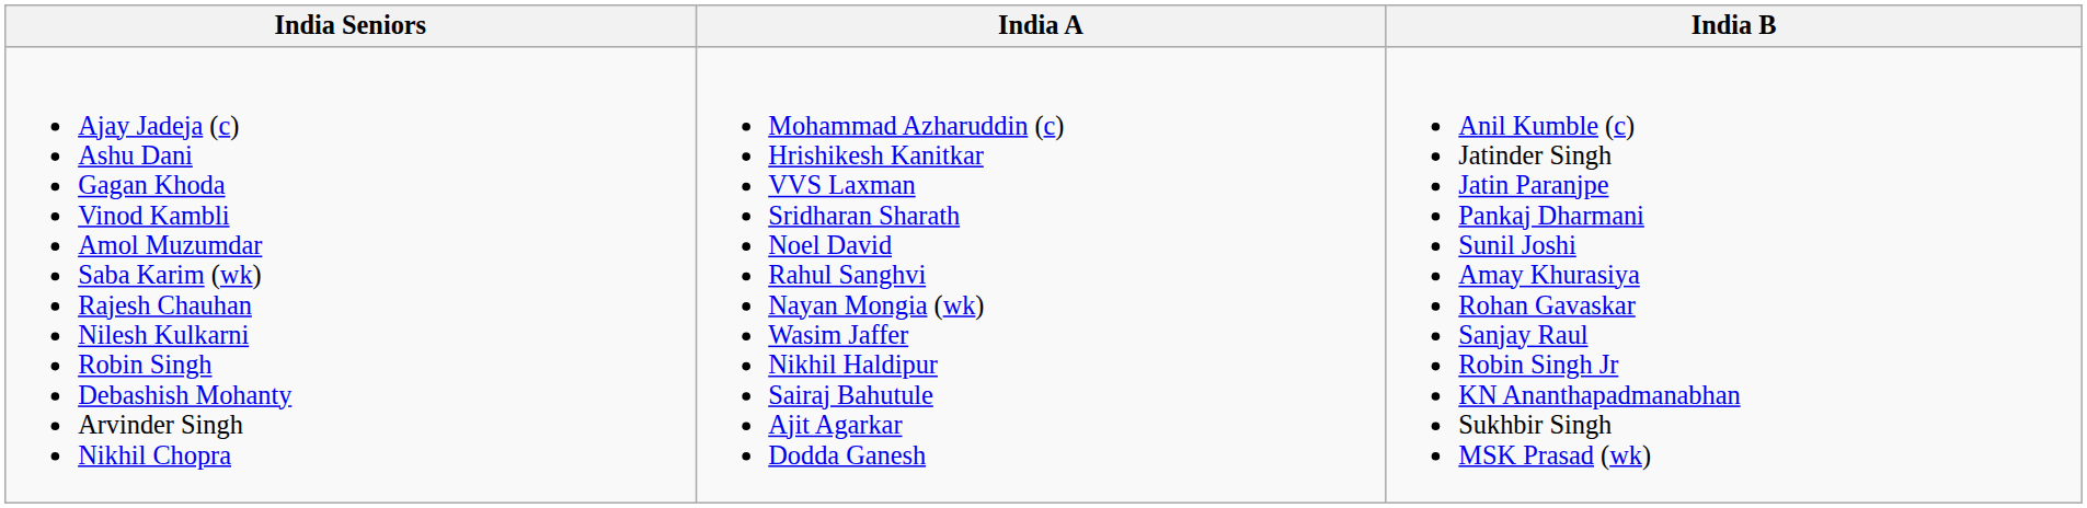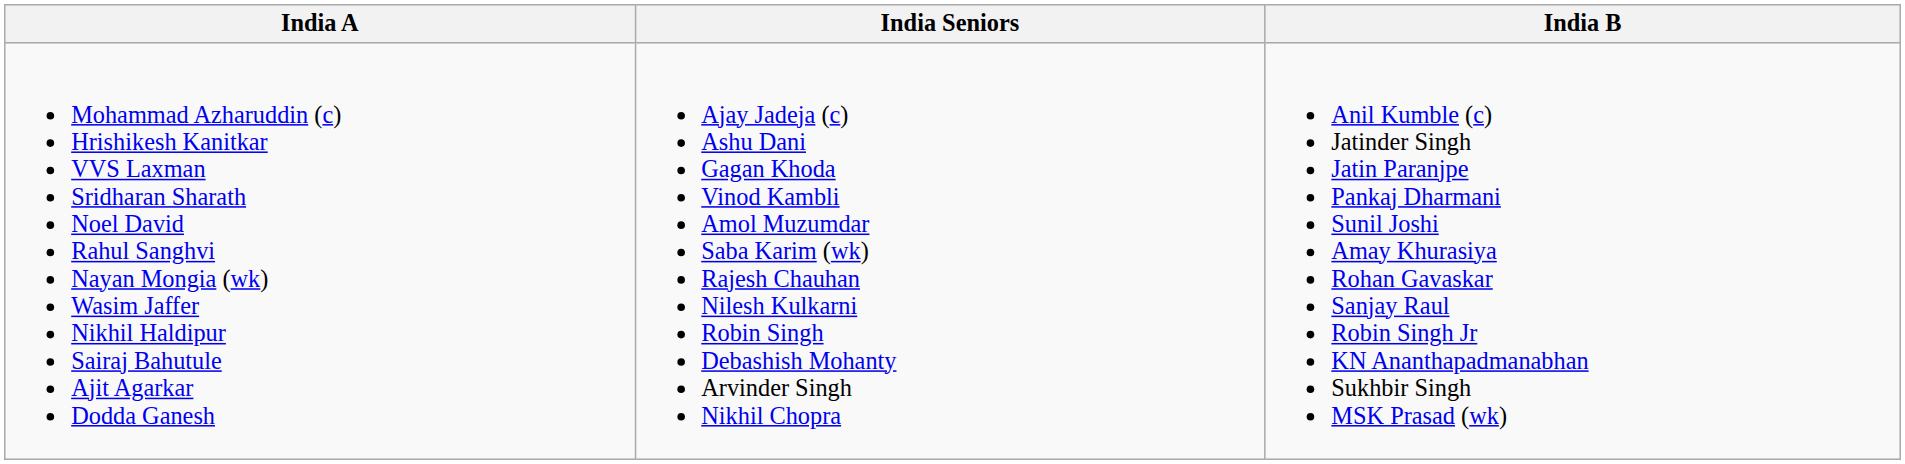 <table class="wikitable">
 <tr>
+<th style="width:15%;"> India A </th>
 <th style="width:15%;"> India Seniors </th>
-<th style="width:15%;"> India A </th>
 <th style="width:15%;"> India B </th>
 </tr>
 <tr style="vertical-align:top">
+<td><br><ul><li><a href='#'>Mohammad Azharuddin</a> (<a href='#'>c</a>)</li><li><a href='#'>Hrishikesh Kanitkar</a></li><li><a href='#'>VVS Laxman</a></li><li><a href='#'>Sridharan Sharath</a></li><li><a href='#'>Noel David</a></li><li><a href='#'>Rahul Sanghvi</a></li><li><a href='#'>Nayan Mongia</a> (<a href='#'>wk</a>)</li><li><a href='#'>Wasim Jaffer</a></li><li><a href='#'>Nikhil Haldipur</a></li><li><a href='#'>Sairaj Bahutule</a></li><li><a href='#'>Ajit Agarkar</a></li><li><a href='#'>Dodda Ganesh</a></li></ul></td>
 <td><br><ul><li><a href='#'>Ajay Jadeja</a> (<a href='#'>c</a>)</li><li><a href='#'>Ashu Dani</a></li><li><a href='#'>Gagan Khoda</a></li><li><a href='#'>Vinod Kambli</a></li><li><a href='#'>Amol Muzumdar</a></li><li><a href='#'>Saba Karim</a> (<a href='#'>wk</a>)</li><li><a href='#'>Rajesh Chauhan</a></li><li><a href='#'>Nilesh Kulkarni</a></li><li><a href='#'>Robin Singh</a></li><li><a href='#'>Debashish Mohanty</a></li><li>Arvinder Singh</li><li><a href='#'>Nikhil Chopra</a></li></ul></td>
-<td><br><ul><li><a href='#'>Mohammad Azharuddin</a> (<a href='#'>c</a>)</li><li><a href='#'>Hrishikesh Kanitkar</a></li><li><a href='#'>VVS Laxman</a></li><li><a href='#'>Sridharan Sharath</a></li><li><a href='#'>Noel David</a></li><li><a href='#'>Rahul Sanghvi</a></li><li><a href='#'>Nayan Mongia</a> (<a href='#'>wk</a>)</li><li><a href='#'>Wasim Jaffer</a></li><li><a href='#'>Nikhil Haldipur</a></li><li><a href='#'>Sairaj Bahutule</a></li><li><a href='#'>Ajit Agarkar</a></li><li><a href='#'>Dodda Ganesh</a></li></ul></td>
 <td><br><ul><li><a href='#'>Anil Kumble</a> (<a href='#'>c</a>)</li><li>Jatinder Singh</li><li><a href='#'>Jatin Paranjpe</a></li><li><a href='#'>Pankaj Dharmani</a></li><li><a href='#'>Sunil Joshi</a></li><li><a href='#'>Amay Khurasiya</a></li><li><a href='#'>Rohan Gavaskar</a></li><li><a href='#'>Sanjay Raul</a></li><li><a href='#'>Robin Singh Jr</a></li><li><a href='#'>KN Ananthapadmanabhan</a></li><li>Sukhbir Singh</li><li><a href='#'>MSK Prasad</a> (<a href='#'>wk</a>)</li></ul></td>
 </tr>
 </table>
